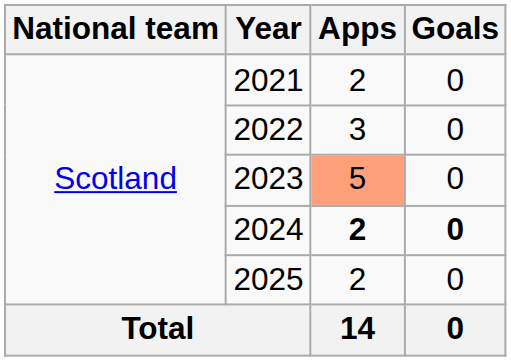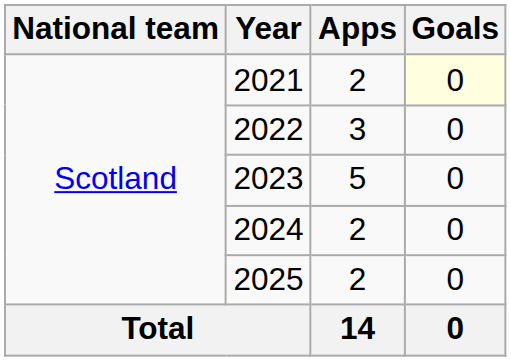 <table class=wikitable style="text-align: center">
 <tr>
 <th>National team</th>
 <th>Year</th>
 <th>Apps</th>
 <th>Goals</th>
 </tr>
 <tr>
 <td rowspan="5"><a href='#'>Scotland</a></td>
 <td>2021</td>
 <td>2</td>
-<td>0</td>
+<td style="background: lightyellow;">0</td>
 </tr>
 <tr>
 <td>2022</td>
 <td>3</td>
 <td>0</td>
 </tr>
 <tr>
 <td>2023</td>
-<td style="background: lightsalmon;">5</td>
+<td>5</td>
 <td>0</td>
 </tr>
 <tr>
 <td>2024</td>
-<td><strong>2</strong></td>
-<td><strong>0</strong></td>
+<td>2</td>
+<td>0</td>
 </tr>
 <tr>
 <td>2025</td>
 <td>2</td>
 <td>0</td>
 </tr>
 <tr>
 <th colspan="2">Total</th>
 <th>14</th>
 <th>0</th>
 </tr>
 </table>
